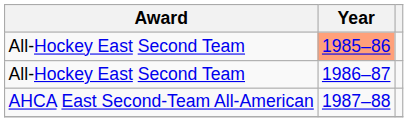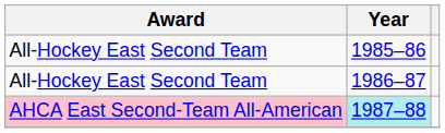 <table class="wikitable">
 <tr>
 <th>Award</th>
 <th>Year</th>
 <th></th>
 </tr>
 <tr>
 <td>All-<a href='#'>Hockey East</a> <a href='#'>Second Team</a></td>
-<td style="background: lightsalmon;"><a href='#'>1985–86</a></td>
+<td><a href='#'>1985–86</a></td>
 <td></td>
 </tr>
 <tr>
 <td>All-<a href='#'>Hockey East</a> <a href='#'>Second Team</a></td>
 <td><a href='#'>1986–87</a></td>
 <td></td>
 </tr>
 <tr>
-<td><a href='#'>AHCA</a> <a href='#'>East Second-Team All-American</a></td>
-<td><a href='#'>1987–88</a></td>
+<td style="background: pink;"><a href='#'>AHCA</a> <a href='#'>East Second-Team All-American</a></td>
+<td style="background: paleturquoise;"><a href='#'>1987–88</a></td>
 <td></td>
 </tr>
 <tr>
 </tr>
 </table>
